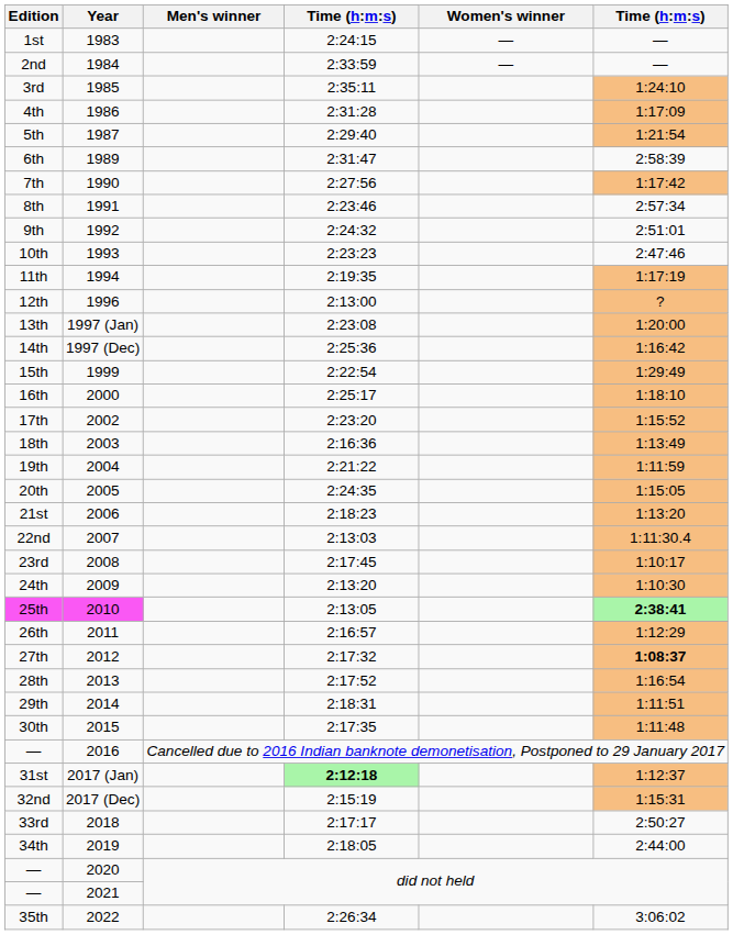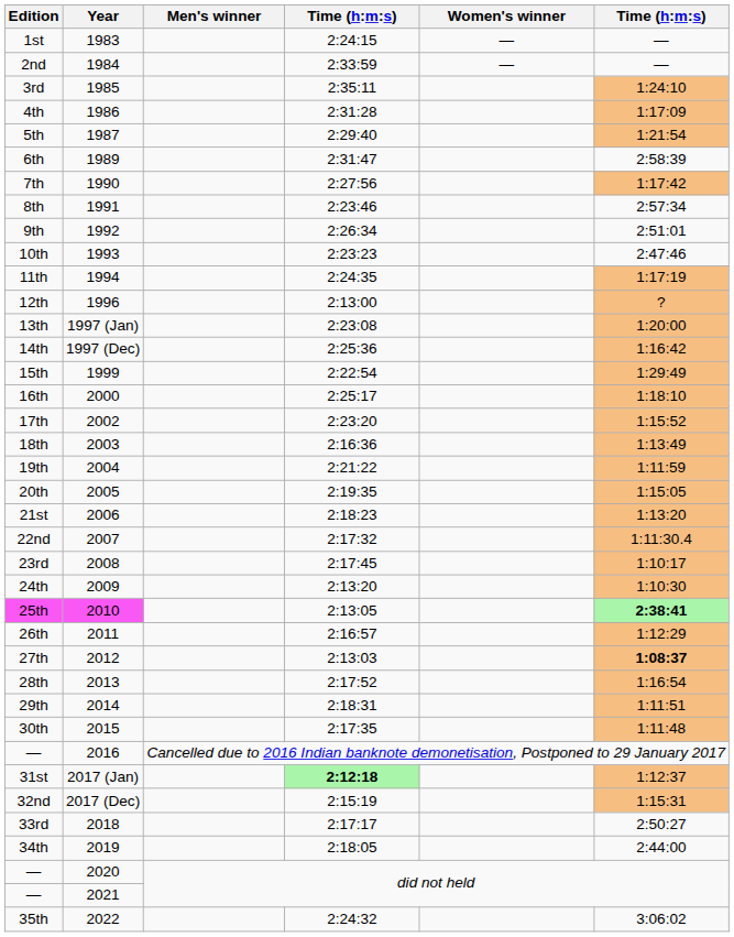 <table class="wikitable sortable" style="text-align:center">
 <tr>
 <th>Edition</th>
 <th>Year</th>
 <th>Men's winner</th>
 <th>Time (<a href='#'>h</a>:<a href='#'>m</a>:<a href='#'>s</a>)</th>
 <th>Women's winner</th>
 <th>Time (<a href='#'>h</a>:<a href='#'>m</a>:<a href='#'>s</a>)</th>
 </tr>
 <tr>
 <td>1st</td>
 <td>1983</td>
 <td align=left></td>
 <td>2:24:15</td>
 <td>—</td>
 <td>—</td>
 </tr>
 <tr>
 <td>2nd</td>
 <td>1984</td>
 <td align=left></td>
 <td>2:33:59</td>
 <td>—</td>
 <td>—</td>
 </tr>
 <tr>
 <td>3rd</td>
 <td>1985</td>
 <td align=left></td>
 <td>2:35:11</td>
 <td align=left></td>
 <td bgcolor=#F7BE81>1:24:10</td>
 </tr>
 <tr>
 <td>4th</td>
 <td>1986</td>
 <td align=left></td>
 <td>2:31:28</td>
 <td align=left></td>
 <td bgcolor=#F7BE81>1:17:09</td>
 </tr>
 <tr>
 <td>5th</td>
 <td>1987</td>
 <td align=left></td>
 <td>2:29:40</td>
 <td align=left></td>
 <td bgcolor=#F7BE81>1:21:54</td>
 </tr>
 <tr>
 <td>6th</td>
 <td>1989</td>
 <td align=left></td>
 <td>2:31:47</td>
 <td align=left></td>
 <td>2:58:39</td>
 </tr>
 <tr>
 <td>7th</td>
 <td>1990</td>
 <td align=left></td>
 <td>2:27:56</td>
 <td align=left></td>
 <td bgcolor=#F7BE81>1:17:42</td>
 </tr>
 <tr>
 <td>8th</td>
 <td>1991</td>
 <td align=left></td>
 <td>2:23:46</td>
 <td align=left></td>
 <td>2:57:34</td>
 </tr>
 <tr>
 <td>9th</td>
 <td>1992</td>
 <td align=left></td>
-<td>2:24:32</td>
+<td>2:26:34</td>
 <td align=left></td>
 <td>2:51:01</td>
 </tr>
 <tr>
 <td>10th</td>
 <td>1993</td>
 <td align=left></td>
 <td>2:23:23</td>
 <td align=left></td>
 <td>2:47:46</td>
 </tr>
 <tr>
 <td>11th</td>
 <td>1994</td>
 <td align=left></td>
-<td>2:19:35</td>
+<td>2:24:35</td>
 <td align=left></td>
 <td bgcolor=#F7BE81>1:17:19</td>
 </tr>
 <tr>
 <td>12th</td>
 <td>1996</td>
 <td align=left></td>
 <td>2:13:00</td>
 <td align=left></td>
 <td bgcolor=#F7BE81>?</td>
 </tr>
 <tr>
 <td>13th</td>
 <td>1997 (Jan)</td>
 <td align=left></td>
 <td>2:23:08</td>
 <td align=left></td>
 <td bgcolor=#F7BE81>1:20:00</td>
 </tr>
 <tr>
 <td>14th</td>
 <td>1997 (Dec)</td>
 <td align=left></td>
 <td>2:25:36</td>
 <td align=left></td>
 <td bgcolor=#F7BE81>1:16:42</td>
 </tr>
 <tr>
 <td>15th</td>
 <td>1999</td>
 <td align=left></td>
 <td>2:22:54</td>
 <td align=left></td>
 <td bgcolor=#F7BE81>1:29:49</td>
 </tr>
 <tr>
 <td>16th</td>
 <td>2000</td>
 <td align=left></td>
 <td>2:25:17</td>
 <td align=left></td>
 <td bgcolor=#F7BE81>1:18:10</td>
 </tr>
 <tr>
 <td>17th</td>
 <td>2002</td>
 <td align=left></td>
 <td>2:23:20</td>
 <td align=left></td>
 <td bgcolor=#F7BE81>1:15:52</td>
 </tr>
 <tr>
 <td>18th</td>
 <td>2003</td>
 <td align=left></td>
 <td>2:16:36</td>
 <td align=left></td>
 <td bgcolor=#F7BE81>1:13:49</td>
 </tr>
 <tr>
 <td>19th</td>
 <td>2004</td>
 <td align=left></td>
 <td>2:21:22</td>
 <td align=left></td>
 <td bgcolor=#F7BE81>1:11:59</td>
 </tr>
 <tr>
 <td>20th</td>
 <td>2005</td>
 <td align=left></td>
-<td>2:24:35</td>
+<td>2:19:35</td>
 <td align=left></td>
 <td bgcolor=#F7BE81>1:15:05</td>
 </tr>
 <tr>
 <td>21st</td>
 <td>2006</td>
 <td align=left></td>
 <td>2:18:23</td>
 <td align=left></td>
 <td bgcolor=#F7BE81>1:13:20</td>
 </tr>
 <tr>
 <td>22nd</td>
 <td>2007</td>
 <td align=left></td>
-<td>2:13:03</td>
+<td>2:17:32</td>
 <td align=left></td>
 <td bgcolor=#F7BE81>1:11:30.4</td>
 </tr>
 <tr>
 <td>23rd</td>
 <td>2008</td>
 <td align=left></td>
 <td>2:17:45</td>
 <td align=left></td>
 <td bgcolor=#F7BE81>1:10:17</td>
 </tr>
 <tr>
 <td>24th</td>
 <td>2009</td>
 <td align=left></td>
 <td>2:13:20</td>
 <td align=left></td>
 <td bgcolor=#F7BE81>1:10:30</td>
 </tr>
 <tr>
 <td bgcolor=#FA58F4>25th</td>
 <td bgcolor=#FA58F4>2010</td>
 <td align=left></td>
 <td>2:13:05</td>
 <td align=left></td>
 <td bgcolor=#A9F5A9><strong>2:38:41</strong></td>
 </tr>
 <tr>
 <td>26th</td>
 <td>2011</td>
 <td align=left></td>
 <td>2:16:57</td>
 <td align=left></td>
 <td bgcolor=#F7BE81>1:12:29</td>
 </tr>
 <tr>
 <td>27th</td>
 <td>2012</td>
 <td align=left></td>
-<td>2:17:32</td>
+<td>2:13:03</td>
 <td align=left></td>
 <td bgcolor=#F7BE81><strong>1:08:37</strong></td>
 </tr>
 <tr>
 <td>28th</td>
 <td>2013</td>
 <td align=left></td>
 <td>2:17:52</td>
 <td align=left></td>
 <td bgcolor=#F7BE81>1:16:54</td>
 </tr>
 <tr>
 <td>29th</td>
 <td>2014</td>
 <td align=left></td>
 <td>2:18:31</td>
 <td align=left></td>
 <td bgcolor=#F7BE81>1:11:51</td>
 </tr>
 <tr>
 <td>30th</td>
 <td>2015</td>
 <td align=left></td>
 <td>2:17:35</td>
 <td align=left></td>
 <td bgcolor=#F7BE81>1:11:48</td>
 </tr>
 <tr>
 <td>—</td>
 <td>2016</td>
 <td colspan=4><em>Cancelled due to <a href='#'>2016 Indian banknote demonetisation</a>, Postponed to 29 January 2017</em></td>
 </tr>
 <tr>
 <td>31st</td>
 <td>2017 (Jan)</td>
 <td align=left></td>
 <td bgcolor=#A9F5A9><strong>2:12:18</strong></td>
 <td align=left></td>
 <td bgcolor=#F7BE81>1:12:37</td>
 </tr>
 <tr>
 <td>32nd</td>
 <td>2017 (Dec)</td>
 <td align=left></td>
 <td>2:15:19</td>
 <td align=left></td>
 <td bgcolor=#F7BE81>1:15:31</td>
 </tr>
 <tr>
 <td>33rd</td>
 <td>2018</td>
 <td align=left></td>
 <td>2:17:17</td>
 <td align=left></td>
 <td>2:50:27</td>
 </tr>
 <tr>
 <td>34th</td>
 <td>2019</td>
 <td align=left></td>
 <td>2:18:05</td>
 <td align=left></td>
 <td>2:44:00</td>
 </tr>
 <tr>
 <td>—</td>
 <td>2020</td>
 <td align=center colspan=4 rowspan=2><em>did not held</em></td>
 </tr>
 <tr>
 <td>—</td>
 <td>2021</td>
 </tr>
 <tr>
 <td>35th</td>
 <td>2022</td>
 <td align=left></td>
-<td>2:26:34</td>
+<td>2:24:32</td>
 <td align=left></td>
 <td>3:06:02</td>
 </tr>
 </table>
